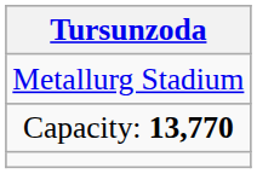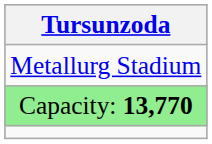 <table class="wikitable" style="margin:1em auto; text-align:center">
 <tr>
 <th> <a href='#'>Tursunzoda</a></th>
 </tr>
 <tr>
 <td><a href='#'>Metallurg Stadium</a></td>
 </tr>
 <tr>
-<td>Capacity: <strong>13,770</strong></td>
+<td style="background: lightgreen;">Capacity: <strong>13,770</strong></td>
 </tr>
 <tr>
 <td></td>
 </tr>
 </table>
